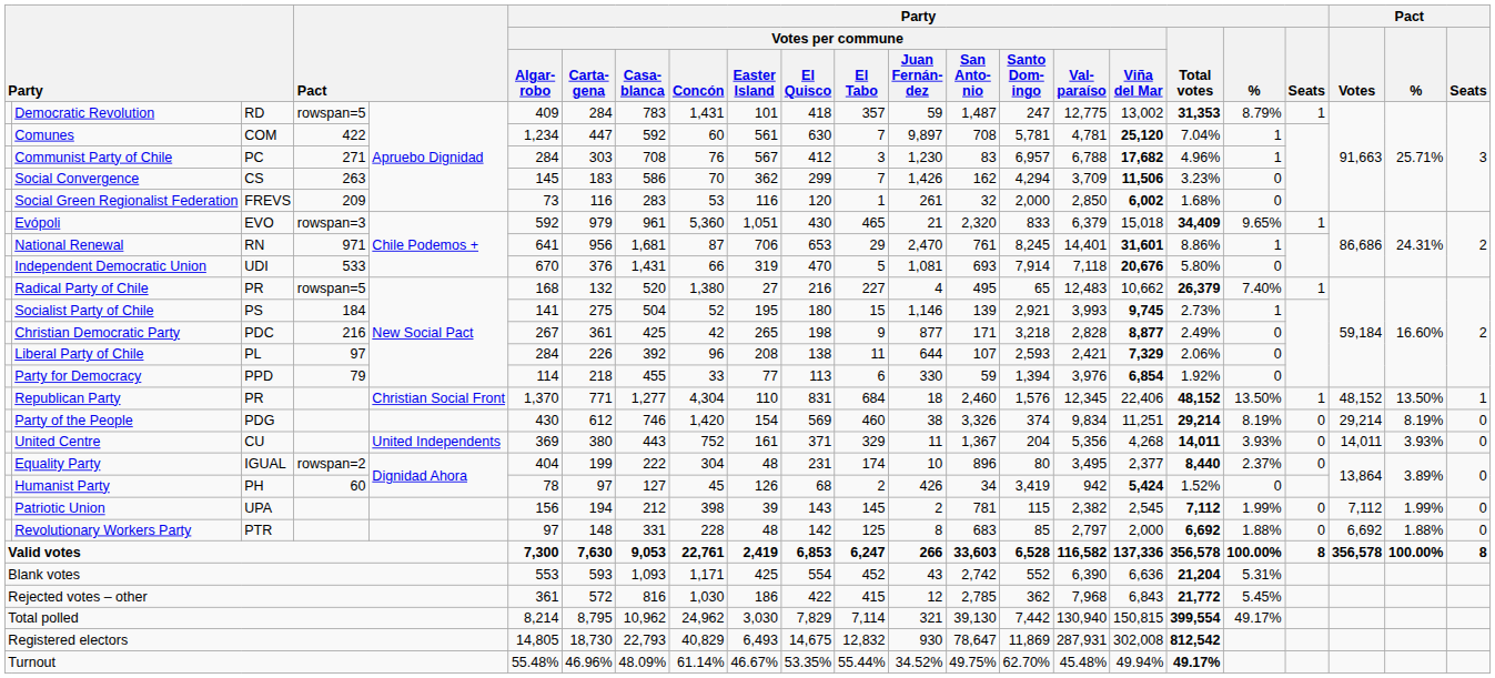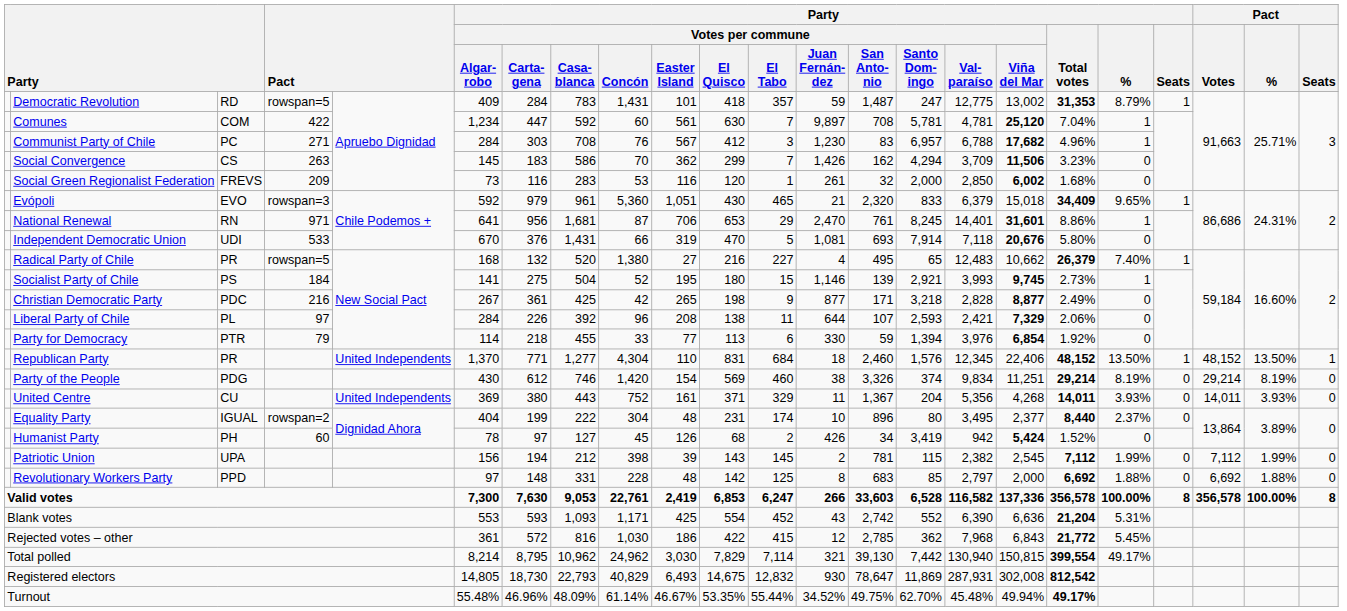 <table class="wikitable" border="1" style="font-size:90%; text-align:right; white-space: nowrap;">
 <tr>
 <th style="text-align:left;" valign=bottom rowspan=3 colspan=3>Party</th>
 <th style="text-align:left;" valign=bottom rowspan=3 colspan=2>Pact</th>
 <th colspan=15>Party</th>
 <th colspan=3>Pact</th>
 </tr>
 <tr>
 <th colspan=12>Votes per commune</th>
 <th align=center valign=bottom rowspan=2 width="40">Total<br>votes</th>
 <th align=center valign=bottom rowspan=2 width="40">%</th>
 <th align=center valign=bottom rowspan=2>Seats</th>
 <th align=center valign=bottom rowspan=2 width="40">Votes</th>
 <th align=center valign=bottom rowspan=2 width="40">%</th>
 <th align=center valign=bottom rowspan=2>Seats</th>
 </tr>
 <tr>
 <th align=center valign=bottom width="40"><a href='#'>Algar-<br>robo</a></th>
 <th align=center valign=bottom width="40"><a href='#'>Carta-<br>gena</a></th>
 <th align=center valign=bottom width="40"><a href='#'>Casa-<br>blanca</a></th>
 <th align=center valign=bottom width="40"><a href='#'>Concón</a></th>
 <th align=center valign=bottom width="40"><a href='#'>Easter<br>Island</a></th>
 <th align=center valign=bottom width="40"><a href='#'>El<br>Quisco</a></th>
 <th align=center valign=bottom width="40"><a href='#'>El<br>Tabo</a></th>
 <th align=center valign=bottom width="40"><a href='#'>Juan<br>Fernán-<br>dez</a></th>
 <th align=center valign=bottom width="40"><a href='#'>San<br>Anto-<br>nio</a></th>
 <th align=center valign=bottom width="40"><a href='#'>Santo<br>Dom-<br>ingo</a></th>
 <th align=center valign=bottom width="40"><a href='#'>Val-<br>paraíso</a></th>
 <th align=center valign=bottom width="40"><a href='#'>Viña<br>del Mar</a></th>
 </tr>
 <tr>
 <td></td>
 <td align=left><a href='#'>Democratic Revolution</a></td>
 <td align=left>RD</td>
 <td>rowspan=5 </td>
 <td rowspan=5 align=left><a href='#'>Apruebo Dignidad</a></td>
 <td>409</td>
 <td>284</td>
 <td>783</td>
 <td>1,431</td>
 <td>101</td>
 <td>418</td>
 <td>357</td>
 <td>59</td>
 <td>1,487</td>
 <td>247</td>
 <td>12,775</td>
 <td>13,002</td>
 <td><strong>31,353</strong></td>
 <td>8.79%</td>
 <td>1</td>
 <td rowspan=5>91,663</td>
 <td rowspan=5>25.71%</td>
 <td rowspan=5>3</td>
 </tr>
 <tr>
 <td></td>
 <td align=left><a href='#'>Comunes</a></td>
 <td align=left>COM</td>
 <td>422</td>
 <td>1,234</td>
 <td>447</td>
 <td>592</td>
 <td>60</td>
 <td>561</td>
 <td>630</td>
 <td>7</td>
 <td>9,897</td>
 <td>708</td>
 <td>5,781</td>
 <td>4,781</td>
 <td><strong>25,120</strong></td>
 <td>7.04%</td>
 <td>1</td>
 </tr>
 <tr>
 <td></td>
 <td align=left><a href='#'>Communist Party of Chile</a></td>
 <td align=left>PC</td>
 <td>271</td>
 <td>284</td>
 <td>303</td>
 <td>708</td>
 <td>76</td>
 <td>567</td>
 <td>412</td>
 <td>3</td>
 <td>1,230</td>
 <td>83</td>
 <td>6,957</td>
 <td>6,788</td>
 <td><strong>17,682</strong></td>
 <td>4.96%</td>
 <td>1</td>
 </tr>
 <tr>
 <td></td>
 <td align=left><a href='#'>Social Convergence</a></td>
 <td align=left>CS</td>
 <td>263</td>
 <td>145</td>
 <td>183</td>
 <td>586</td>
 <td>70</td>
 <td>362</td>
 <td>299</td>
 <td>7</td>
 <td>1,426</td>
 <td>162</td>
 <td>4,294</td>
 <td>3,709</td>
 <td><strong>11,506</strong></td>
 <td>3.23%</td>
 <td>0</td>
 </tr>
 <tr>
 <td></td>
 <td align=left><a href='#'>Social Green Regionalist Federation</a></td>
 <td align=left>FREVS</td>
 <td>209</td>
 <td>73</td>
 <td>116</td>
 <td>283</td>
 <td>53</td>
 <td>116</td>
 <td>120</td>
 <td>1</td>
 <td>261</td>
 <td>32</td>
 <td>2,000</td>
 <td>2,850</td>
 <td><strong>6,002</strong></td>
 <td>1.68%</td>
 <td>0</td>
 </tr>
 <tr>
 <td></td>
 <td align=left><a href='#'>Evópoli</a></td>
 <td align=left>EVO</td>
 <td>rowspan=3 </td>
 <td rowspan=3 align=left><a href='#'>Chile Podemos +</a></td>
 <td>592</td>
 <td>979</td>
 <td>961</td>
 <td>5,360</td>
 <td>1,051</td>
 <td>430</td>
 <td>465</td>
 <td>21</td>
 <td>2,320</td>
 <td>833</td>
 <td>6,379</td>
 <td>15,018</td>
 <td><strong>34,409</strong></td>
 <td>9.65%</td>
 <td>1</td>
 <td rowspan=3>86,686</td>
 <td rowspan=3>24.31%</td>
 <td rowspan=3>2</td>
 </tr>
 <tr>
 <td></td>
 <td align=left><a href='#'>National Renewal</a></td>
 <td align=left>RN</td>
 <td>971</td>
 <td>641</td>
 <td>956</td>
 <td>1,681</td>
 <td>87</td>
 <td>706</td>
 <td>653</td>
 <td>29</td>
 <td>2,470</td>
 <td>761</td>
 <td>8,245</td>
 <td>14,401</td>
 <td><strong>31,601</strong></td>
 <td>8.86%</td>
 <td>1</td>
 </tr>
 <tr>
 <td></td>
 <td align=left><a href='#'>Independent Democratic Union</a></td>
 <td align=left>UDI</td>
 <td>533</td>
 <td>670</td>
 <td>376</td>
 <td>1,431</td>
 <td>66</td>
 <td>319</td>
 <td>470</td>
 <td>5</td>
 <td>1,081</td>
 <td>693</td>
 <td>7,914</td>
 <td>7,118</td>
 <td><strong>20,676</strong></td>
 <td>5.80%</td>
 <td>0</td>
 </tr>
 <tr>
 <td></td>
 <td align=left><a href='#'>Radical Party of Chile</a></td>
 <td align=left>PR</td>
 <td>rowspan=5 </td>
 <td rowspan=5 align=left><a href='#'>New Social Pact</a></td>
 <td>168</td>
 <td>132</td>
 <td>520</td>
 <td>1,380</td>
 <td>27</td>
 <td>216</td>
 <td>227</td>
 <td>4</td>
 <td>495</td>
 <td>65</td>
 <td>12,483</td>
 <td>10,662</td>
 <td><strong>26,379</strong></td>
 <td>7.40%</td>
 <td>1</td>
 <td rowspan=5>59,184</td>
 <td rowspan=5>16.60%</td>
 <td rowspan=5>2</td>
 </tr>
 <tr>
 <td></td>
 <td align=left><a href='#'>Socialist Party of Chile</a></td>
 <td align=left>PS</td>
 <td>184</td>
 <td>141</td>
 <td>275</td>
 <td>504</td>
 <td>52</td>
 <td>195</td>
 <td>180</td>
 <td>15</td>
 <td>1,146</td>
 <td>139</td>
 <td>2,921</td>
 <td>3,993</td>
 <td><strong>9,745</strong></td>
 <td>2.73%</td>
 <td>1</td>
 </tr>
 <tr>
 <td></td>
 <td align=left><a href='#'>Christian Democratic Party</a></td>
 <td align=left>PDC</td>
 <td>216</td>
 <td>267</td>
 <td>361</td>
 <td>425</td>
 <td>42</td>
 <td>265</td>
 <td>198</td>
 <td>9</td>
 <td>877</td>
 <td>171</td>
 <td>3,218</td>
 <td>2,828</td>
 <td><strong>8,877</strong></td>
 <td>2.49%</td>
 <td>0</td>
 </tr>
 <tr>
 <td></td>
 <td align=left><a href='#'>Liberal Party of Chile</a></td>
 <td align=left>PL</td>
 <td>97</td>
 <td>284</td>
 <td>226</td>
 <td>392</td>
 <td>96</td>
 <td>208</td>
 <td>138</td>
 <td>11</td>
 <td>644</td>
 <td>107</td>
 <td>2,593</td>
 <td>2,421</td>
 <td><strong>7,329</strong></td>
 <td>2.06%</td>
 <td>0</td>
 </tr>
 <tr>
 <td></td>
 <td align=left><a href='#'>Party for Democracy</a></td>
-<td align=left>PPD</td>
+<td align=left>PTR</td>
 <td>79</td>
 <td>114</td>
 <td>218</td>
 <td>455</td>
 <td>33</td>
 <td>77</td>
 <td>113</td>
 <td>6</td>
 <td>330</td>
 <td>59</td>
 <td>1,394</td>
 <td>3,976</td>
 <td><strong>6,854</strong></td>
 <td>1.92%</td>
 <td>0</td>
 </tr>
 <tr>
 <td></td>
 <td align=left><a href='#'>Republican Party</a></td>
 <td align=left>PR</td>
 <td></td>
-<td align=left><a href='#'>Christian Social Front</a></td>
+<td align=left><a href='#'>United Independents</a></td>
 <td>1,370</td>
 <td>771</td>
 <td>1,277</td>
 <td>4,304</td>
 <td>110</td>
 <td>831</td>
 <td>684</td>
 <td>18</td>
 <td>2,460</td>
 <td>1,576</td>
 <td>12,345</td>
 <td>22,406</td>
 <td><strong>48,152</strong></td>
 <td>13.50%</td>
 <td>1</td>
 <td>48,152</td>
 <td>13.50%</td>
 <td>1</td>
 </tr>
 <tr>
 <td></td>
 <td align=left><a href='#'>Party of the People</a></td>
 <td align=left>PDG</td>
 <td></td>
 <td></td>
 <td>430</td>
 <td>612</td>
 <td>746</td>
 <td>1,420</td>
 <td>154</td>
 <td>569</td>
 <td>460</td>
 <td>38</td>
 <td>3,326</td>
 <td>374</td>
 <td>9,834</td>
 <td>11,251</td>
 <td><strong>29,214</strong></td>
 <td>8.19%</td>
 <td>0</td>
 <td>29,214</td>
 <td>8.19%</td>
 <td>0</td>
 </tr>
 <tr>
 <td></td>
 <td align=left><a href='#'>United Centre</a></td>
 <td align=left>CU</td>
 <td></td>
 <td align=left><a href='#'>United Independents</a></td>
 <td>369</td>
 <td>380</td>
 <td>443</td>
 <td>752</td>
 <td>161</td>
 <td>371</td>
 <td>329</td>
 <td>11</td>
 <td>1,367</td>
 <td>204</td>
 <td>5,356</td>
 <td>4,268</td>
 <td><strong>14,011</strong></td>
 <td>3.93%</td>
 <td>0</td>
 <td>14,011</td>
 <td>3.93%</td>
 <td>0</td>
 </tr>
 <tr>
 <td></td>
 <td align=left><a href='#'>Equality Party</a></td>
 <td align=left>IGUAL</td>
 <td>rowspan=2 </td>
 <td rowspan=2 align=left><a href='#'>Dignidad Ahora</a></td>
 <td>404</td>
 <td>199</td>
 <td>222</td>
 <td>304</td>
 <td>48</td>
 <td>231</td>
 <td>174</td>
 <td>10</td>
 <td>896</td>
 <td>80</td>
 <td>3,495</td>
 <td>2,377</td>
 <td><strong>8,440</strong></td>
 <td>2.37%</td>
 <td>0</td>
 <td rowspan=2>13,864</td>
 <td rowspan=2>3.89%</td>
 <td rowspan=2>0</td>
 </tr>
 <tr>
 <td></td>
 <td align=left><a href='#'>Humanist Party</a></td>
 <td align=left>PH</td>
 <td>60</td>
 <td>78</td>
 <td>97</td>
 <td>127</td>
 <td>45</td>
 <td>126</td>
 <td>68</td>
 <td>2</td>
 <td>426</td>
 <td>34</td>
 <td>3,419</td>
 <td>942</td>
 <td><strong>5,424</strong></td>
 <td>1.52%</td>
 <td>0</td>
 </tr>
 <tr>
 <td></td>
 <td align=left><a href='#'>Patriotic Union</a></td>
 <td align=left>UPA</td>
 <td></td>
 <td></td>
 <td>156</td>
 <td>194</td>
 <td>212</td>
 <td>398</td>
 <td>39</td>
 <td>143</td>
 <td>145</td>
 <td>2</td>
 <td>781</td>
 <td>115</td>
 <td>2,382</td>
 <td>2,545</td>
 <td><strong>7,112</strong></td>
 <td>1.99%</td>
 <td>0</td>
 <td>7,112</td>
 <td>1.99%</td>
 <td>0</td>
 </tr>
 <tr>
 <td></td>
 <td align=left><a href='#'>Revolutionary Workers Party</a></td>
-<td align=left>PTR</td>
+<td align=left>PPD</td>
 <td></td>
 <td></td>
 <td>97</td>
 <td>148</td>
 <td>331</td>
 <td>228</td>
 <td>48</td>
 <td>142</td>
 <td>125</td>
 <td>8</td>
 <td>683</td>
 <td>85</td>
 <td>2,797</td>
 <td>2,000</td>
 <td><strong>6,692</strong></td>
 <td>1.88%</td>
 <td>0</td>
 <td>6,692</td>
 <td>1.88%</td>
 <td>0</td>
 </tr>
 <tr style="font-weight:bold">
 <td align=left colspan=5>Valid votes</td>
 <td>7,300</td>
 <td>7,630</td>
 <td>9,053</td>
 <td>22,761</td>
 <td>2,419</td>
 <td>6,853</td>
 <td>6,247</td>
 <td>266</td>
 <td>33,603</td>
 <td>6,528</td>
 <td>116,582</td>
 <td>137,336</td>
 <td>356,578</td>
 <td>100.00%</td>
 <td>8</td>
 <td>356,578</td>
 <td>100.00%</td>
 <td>8</td>
 </tr>
 <tr>
 <td align=left colspan=5>Blank votes</td>
 <td>553</td>
 <td>593</td>
 <td>1,093</td>
 <td>1,171</td>
 <td>425</td>
 <td>554</td>
 <td>452</td>
 <td>43</td>
 <td>2,742</td>
 <td>552</td>
 <td>6,390</td>
 <td>6,636</td>
 <td><strong>21,204</strong></td>
 <td>5.31%</td>
 <td></td>
 <td></td>
 <td></td>
 <td></td>
 </tr>
 <tr>
 <td align=left colspan=5>Rejected votes – other</td>
 <td>361</td>
 <td>572</td>
 <td>816</td>
 <td>1,030</td>
 <td>186</td>
 <td>422</td>
 <td>415</td>
 <td>12</td>
 <td>2,785</td>
 <td>362</td>
 <td>7,968</td>
 <td>6,843</td>
 <td><strong>21,772</strong></td>
 <td>5.45%</td>
 <td></td>
 <td></td>
 <td></td>
 <td></td>
 </tr>
 <tr>
 <td align=left colspan=5>Total polled</td>
 <td>8,214</td>
 <td>8,795</td>
 <td>10,962</td>
 <td>24,962</td>
 <td>3,030</td>
 <td>7,829</td>
 <td>7,114</td>
 <td>321</td>
 <td>39,130</td>
 <td>7,442</td>
 <td>130,940</td>
 <td>150,815</td>
 <td><strong>399,554</strong></td>
 <td>49.17%</td>
 <td></td>
 <td></td>
 <td></td>
 <td></td>
 </tr>
 <tr>
 <td align=left colspan=5>Registered electors</td>
 <td>14,805</td>
 <td>18,730</td>
 <td>22,793</td>
 <td>40,829</td>
 <td>6,493</td>
 <td>14,675</td>
 <td>12,832</td>
 <td>930</td>
 <td>78,647</td>
 <td>11,869</td>
 <td>287,931</td>
 <td>302,008</td>
 <td><strong>812,542</strong></td>
 <td></td>
 <td></td>
 <td></td>
 <td></td>
 <td></td>
 </tr>
 <tr>
 <td align=left colspan=5>Turnout</td>
 <td>55.48%</td>
 <td>46.96%</td>
 <td>48.09%</td>
 <td>61.14%</td>
 <td>46.67%</td>
 <td>53.35%</td>
 <td>55.44%</td>
 <td>34.52%</td>
 <td>49.75%</td>
 <td>62.70%</td>
 <td>45.48%</td>
 <td>49.94%</td>
 <td><strong>49.17%</strong></td>
 <td></td>
 <td></td>
 <td></td>
 <td></td>
 <td></td>
 </tr>
 </table>
